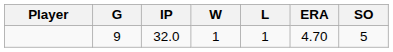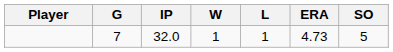 <table class="wikitable sortable">
 <tr>
 <th width="16%">Player</th>
 <th width="9%">G</th>
 <th width="9%">IP</th>
 <th width="9%">W</th>
 <th width="9%">L</th>
 <th width="9%">ERA</th>
 <th width="9%">SO</th>
 </tr>
 <tr align="center">
 <td></td>
-<td>9</td>
+<td>7</td>
 <td>32.0</td>
 <td>1</td>
 <td>1</td>
-<td>4.70</td>
+<td>4.73</td>
 <td>5</td>
 </tr>
 </table>
